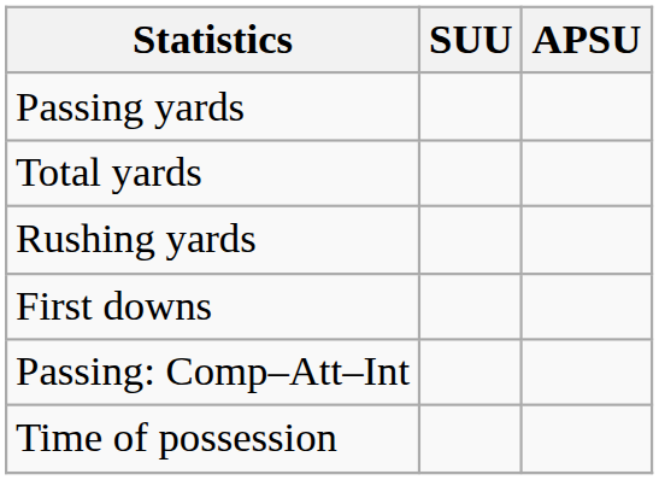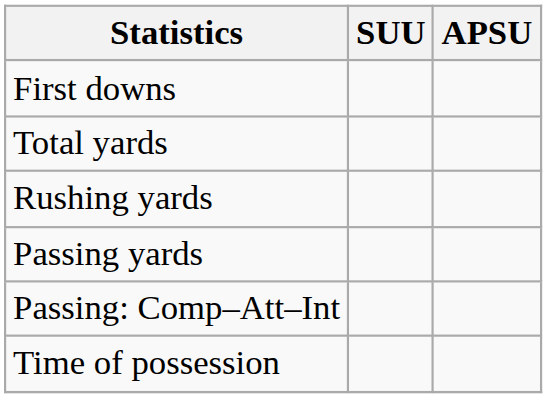 <table class="wikitable" style="float: left;">
 <tr>
 <th>Statistics</th>
 <th>SUU</th>
 <th>APSU</th>
 </tr>
 <tr>
-<td>Passing yards</td>
+<td>First downs</td>
 <td></td>
 <td></td>
 </tr>
 <tr>
 <td>Total yards</td>
 <td></td>
 <td></td>
 </tr>
 <tr>
 <td>Rushing yards</td>
 <td></td>
 <td></td>
 </tr>
 <tr>
-<td>First downs</td>
+<td>Passing yards</td>
 <td></td>
 <td></td>
 </tr>
 <tr>
 <td>Passing: Comp–Att–Int</td>
 <td></td>
 <td></td>
 </tr>
 <tr>
 <td>Time of possession</td>
 <td></td>
 <td></td>
 </tr>
 <tr>
 </tr>
 </table>
